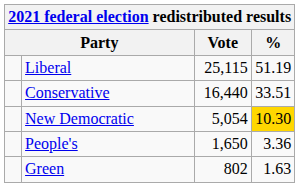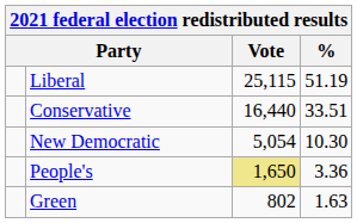 <table class="wikitable">
 <tr>
 <th colspan="4"><a href='#'>2021 federal election</a> redistributed results</th>
 </tr>
 <tr>
 <th bgcolor="#DDDDFF" width="130px" colspan="2">Party</th>
 <th bgcolor="#DDDDFF" width="50px">Vote</th>
 <th bgcolor="#DDDDFF" width="30px">%</th>
 </tr>
 <tr>
 <td> </td>
 <td><a href='#'>Liberal</a></td>
 <td align=right>25,115</td>
 <td align=right>51.19</td>
 </tr>
 <tr>
 <td> </td>
 <td><a href='#'>Conservative</a></td>
 <td align=right>16,440</td>
 <td align=right>33.51</td>
 </tr>
 <tr>
 <td> </td>
 <td><a href='#'>New Democratic</a></td>
 <td align=right>5,054</td>
-<td align=right style="background: gold;">10.30</td>
+<td align=right>10.30</td>
 </tr>
 <tr>
 <td> </td>
 <td><a href='#'>People's</a></td>
-<td align=right>1,650</td>
+<td align=right style="background: khaki;">1,650</td>
 <td align=right>3.36</td>
 </tr>
 <tr>
 <td> </td>
 <td><a href='#'>Green</a></td>
 <td align=right>802</td>
 <td align=right>1.63</td>
 </tr>
 </table>
